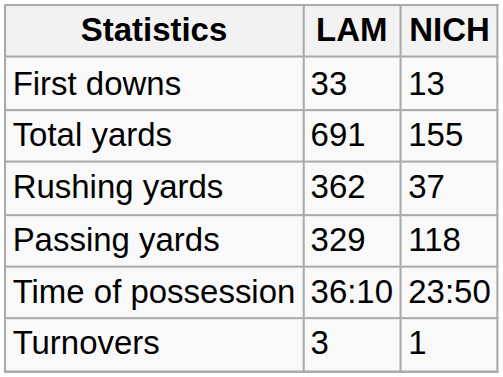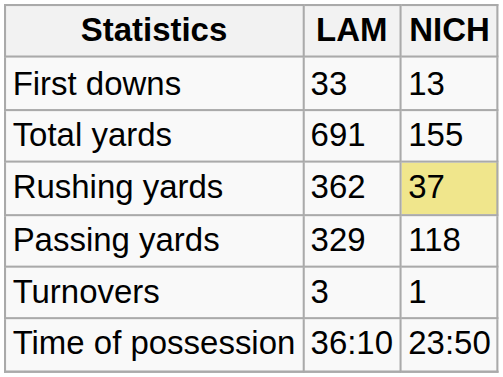 <table class="wikitable">
 <tr>
 <th>Statistics</th>
 <th>LAM</th>
 <th>NICH</th>
 </tr>
 <tr>
 <td>First downs</td>
 <td>33</td>
 <td>13</td>
 </tr>
 <tr>
 <td>Total yards</td>
 <td>691</td>
 <td>155</td>
 </tr>
 <tr>
 <td>Rushing yards</td>
 <td>362</td>
-<td>37</td>
+<td style="background: khaki;">37</td>
 </tr>
 <tr>
 <td>Passing yards</td>
 <td>329</td>
 <td>118</td>
 </tr>
 <tr>
+<td>Turnovers</td>
+<td>3</td>
+<td>1</td>
+</tr>
+<tr>
 <td>Time of possession</td>
 <td>36:10</td>
 <td>23:50</td>
 </tr>
 <tr>
-<td>Turnovers</td>
-<td>3</td>
-<td>1</td>
-</tr>
-<tr>
 </tr>
 </table>
